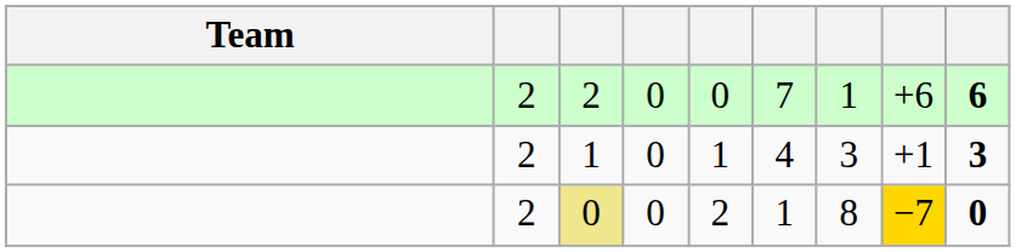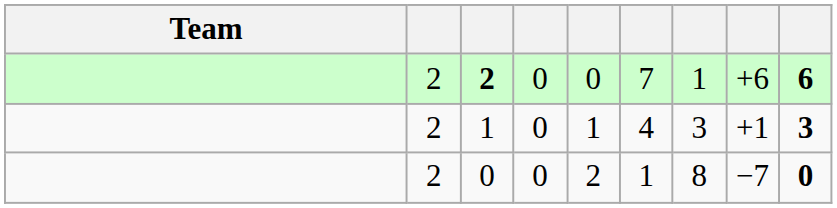 <table class=wikitable style="text-align:center">
 <tr>
 <th width=200>Team</th>
 <th width=20></th>
 <th width=20></th>
 <th width=20></th>
 <th width=20></th>
 <th width=20></th>
 <th width=20></th>
 <th width=20></th>
 <th width=20></th>
 </tr>
 <tr bgcolor=#ccffcc>
 <td align=left></td>
 <td>2</td>
-<td>2</td>
+<td><strong>2</strong></td>
 <td>0</td>
 <td>0</td>
 <td>7</td>
 <td>1</td>
 <td>+6</td>
 <td><strong>6</strong></td>
 </tr>
 <tr>
 <td align=left></td>
 <td>2</td>
 <td>1</td>
 <td>0</td>
 <td>1</td>
 <td>4</td>
 <td>3</td>
 <td>+1</td>
 <td><strong>3</strong></td>
 </tr>
 <tr>
 <td align=left></td>
 <td>2</td>
-<td style="background: khaki;">0</td>
+<td>0</td>
 <td>0</td>
 <td>2</td>
 <td>1</td>
 <td>8</td>
-<td style="background: gold;">−7</td>
+<td>−7</td>
 <td><strong>0</strong></td>
 </tr>
 </table>
